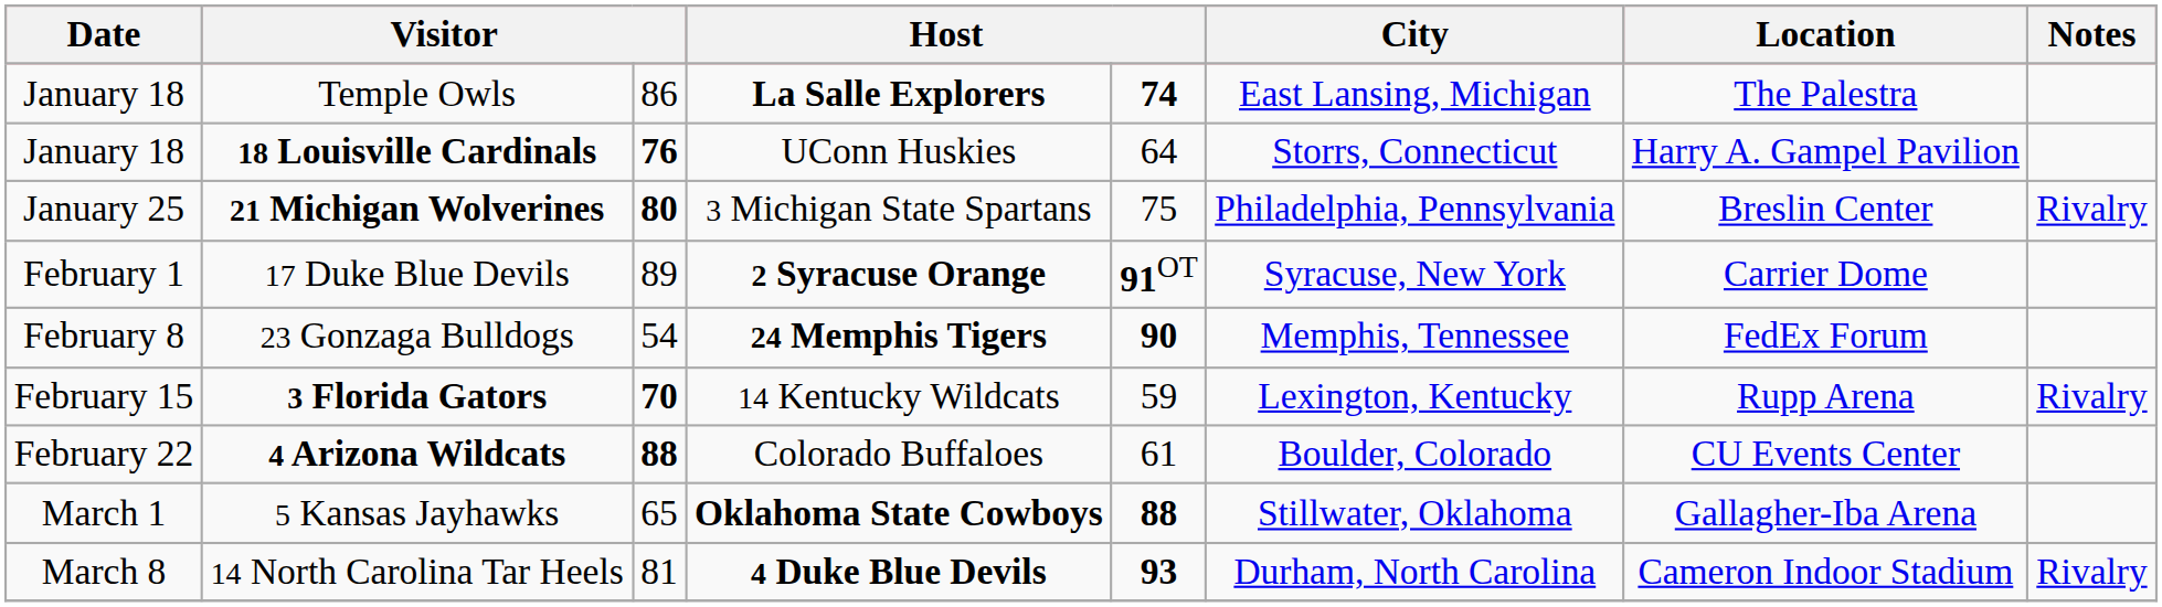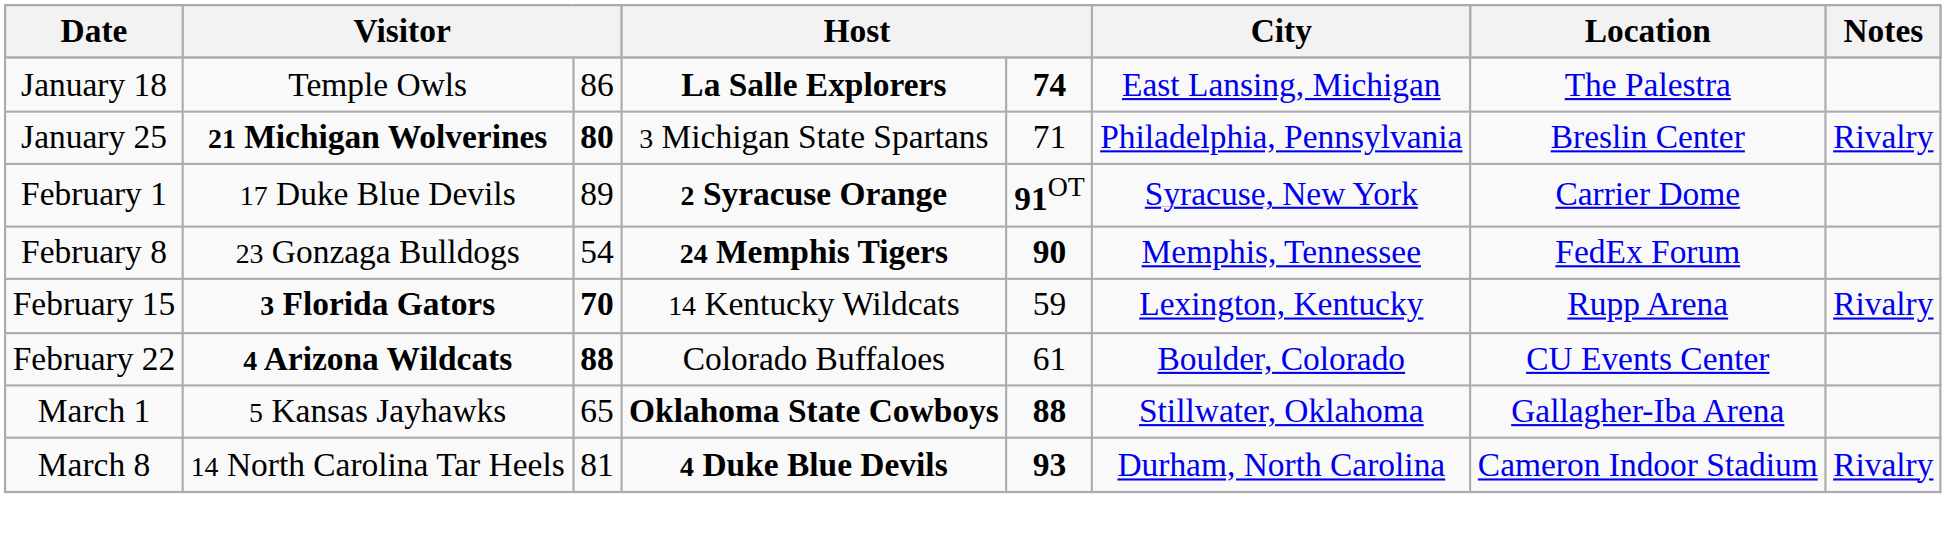 <table class="wikitable" style="text-align:center">
 <tr style="background:#A32638;"|>
 <th>Date</th>
 <th colspan=2>Visitor</th>
 <th colspan=2>Host</th>
 <th>City</th>
 <th>Location</th>
 <th>Notes</th>
 </tr>
 <tr>
 <td>January 18</td>
 <td>Temple Owls</td>
 <td>86</td>
 <td><strong>La Salle Explorers</strong></td>
 <td><strong>74</strong></td>
 <td><a href='#'>East Lansing, Michigan</a></td>
 <td><a href='#'>The Palestra</a></td>
 <td></td>
 </tr>
 <tr>
-<td>January 18</td>
-<td><strong><small>18</small> Louisville Cardinals</strong></td>
-<td><strong>76</strong></td>
-<td>UConn Huskies</td>
-<td>64</td>
-<td><a href='#'>Storrs, Connecticut</a></td>
-<td><a href='#'>Harry A. Gampel Pavilion</a></td>
-<td></td>
-</tr>
-<tr>
 <td>January 25</td>
 <td><strong><small>21</small> Michigan Wolverines</strong></td>
 <td><strong>80</strong></td>
 <td><small>3</small> Michigan State Spartans</td>
-<td>75</td>
+<td>71</td>
 <td><a href='#'>Philadelphia, Pennsylvania</a></td>
 <td><a href='#'>Breslin Center</a></td>
 <td><a href='#'>Rivalry</a></td>
 </tr>
 <tr>
 <td>February 1</td>
 <td><small>17</small> Duke Blue Devils</td>
 <td>89</td>
 <td><strong><small>2</small> Syracuse Orange</strong></td>
 <td><strong>91</strong><sup>OT</sup></td>
 <td><a href='#'>Syracuse, New York</a></td>
 <td><a href='#'>Carrier Dome</a></td>
 <td></td>
 </tr>
 <tr>
 <td>February 8</td>
 <td><small>23</small> Gonzaga Bulldogs</td>
 <td>54</td>
 <td><strong><small>24</small> Memphis Tigers</strong></td>
 <td><strong>90</strong></td>
 <td><a href='#'>Memphis, Tennessee</a></td>
 <td><a href='#'>FedEx Forum</a></td>
 <td></td>
 </tr>
 <tr>
 <td>February 15</td>
 <td><strong><small>3</small> Florida Gators</strong></td>
 <td><strong>70</strong></td>
 <td><small>14</small> Kentucky Wildcats</td>
 <td>59</td>
 <td><a href='#'>Lexington, Kentucky</a></td>
 <td><a href='#'>Rupp Arena</a></td>
 <td><a href='#'>Rivalry</a></td>
 </tr>
 <tr>
 <td>February 22</td>
 <td><strong><small>4</small> Arizona Wildcats</strong></td>
 <td><strong>88</strong></td>
 <td>Colorado Buffaloes</td>
 <td>61</td>
 <td><a href='#'>Boulder, Colorado</a></td>
 <td><a href='#'>CU Events Center</a></td>
 <td></td>
 </tr>
 <tr>
 <td>March 1</td>
 <td><small>5</small> Kansas Jayhawks</td>
 <td>65</td>
 <td><strong>Oklahoma State Cowboys</strong></td>
 <td><strong>88</strong></td>
 <td><a href='#'>Stillwater, Oklahoma</a></td>
 <td><a href='#'>Gallagher-Iba Arena</a></td>
 <td></td>
 </tr>
 <tr>
 <td>March 8</td>
 <td><small>14</small> North Carolina Tar Heels</td>
 <td>81</td>
 <td><strong><small>4</small> Duke Blue Devils</strong></td>
 <td><strong>93</strong></td>
 <td><a href='#'>Durham, North Carolina</a></td>
 <td><a href='#'>Cameron Indoor Stadium</a></td>
 <td><a href='#'>Rivalry</a></td>
 </tr>
 <tr>
 </tr>
 </table>
